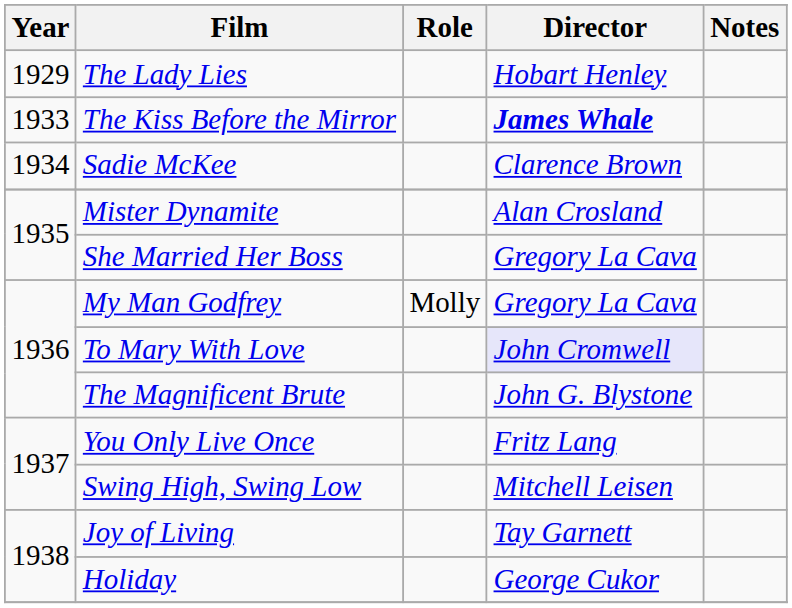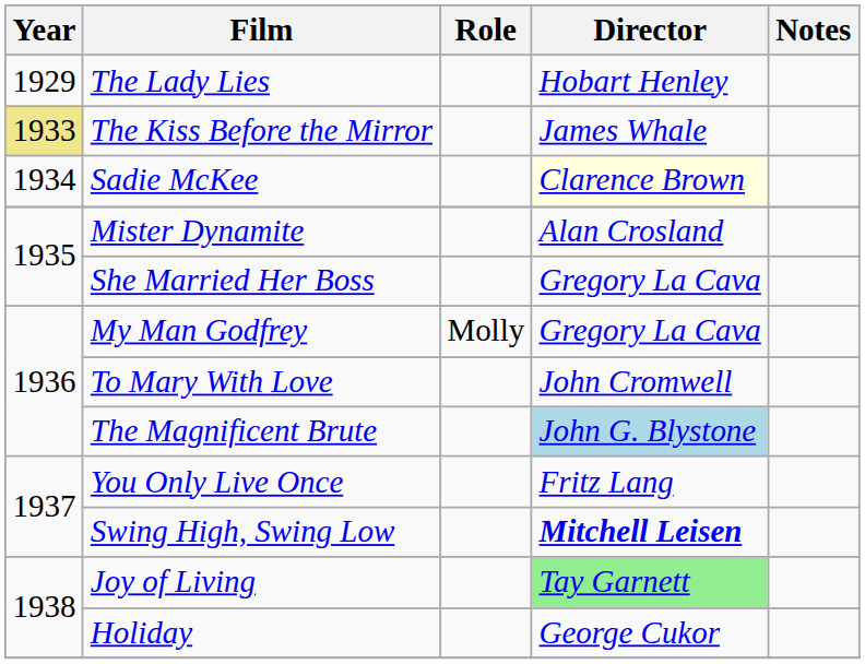 <table class="wikitable sortable">
 <tr>
 <th>Year</th>
 <th>Film</th>
 <th>Role</th>
 <th>Director</th>
 <th class="unsortable">Notes</th>
 </tr>
 <tr>
 <td>1929</td>
 <td><em><a href='#'>The Lady Lies</a></em></td>
 <td></td>
 <td><em><a href='#'>Hobart Henley</a></em></td>
 <td></td>
 </tr>
 <tr>
-<td>1933</td>
+<td style="background: khaki;">1933</td>
 <td><em><a href='#'>The Kiss Before the Mirror</a></em></td>
 <td></td>
-<td><strong><em><a href='#'>James Whale</a></em></strong></td>
+<td><em><a href='#'>James Whale</a></em></td>
 <td></td>
 </tr>
 <tr>
 <td>1934</td>
 <td><em><a href='#'>Sadie McKee</a></em></td>
 <td></td>
-<td><em><a href='#'>Clarence Brown</a></em></td>
+<td style="background: lightyellow;"><em><a href='#'>Clarence Brown</a></em></td>
 <td></td>
 </tr>
 <tr>
 </tr>
 <tr>
 <td rowspan="2">1935</td>
 <td><em><a href='#'>Mister Dynamite</a></em></td>
 <td></td>
 <td><em><a href='#'>Alan Crosland</a></em></td>
 <td></td>
 </tr>
 <tr>
 <td><em><a href='#'>She Married Her Boss</a></em></td>
 <td></td>
 <td><em><a href='#'>Gregory La Cava</a></em></td>
 <td></td>
 </tr>
 <tr>
 <td rowspan="3">1936</td>
 <td><em><a href='#'>My Man Godfrey</a></em></td>
 <td>Molly</td>
 <td><em><a href='#'>Gregory La Cava</a></em></td>
 <td></td>
 </tr>
 <tr>
 <td><em><a href='#'>To Mary With Love</a></em></td>
 <td></td>
-<td style="background: lavender;"><em><a href='#'>John Cromwell</a></em></td>
+<td><em><a href='#'>John Cromwell</a></em></td>
 <td></td>
 </tr>
 <tr>
 <td><em><a href='#'>The Magnificent Brute</a></em></td>
 <td></td>
-<td><em><a href='#'>John G. Blystone</a></em></td>
+<td style="background: lightblue;"><em><a href='#'>John G. Blystone</a></em></td>
 <td></td>
 </tr>
 <tr>
 <td rowspan="2">1937</td>
 <td><em><a href='#'>You Only Live Once</a></em></td>
 <td></td>
 <td><em><a href='#'>Fritz Lang</a></em></td>
 <td></td>
 </tr>
 <tr>
 <td><em><a href='#'>Swing High, Swing Low</a></em></td>
 <td></td>
-<td><em><a href='#'>Mitchell Leisen</a></em></td>
+<td><strong><em><a href='#'>Mitchell Leisen</a></em></strong></td>
 <td></td>
 </tr>
 <tr>
 <td rowspan="2">1938</td>
 <td><em><a href='#'>Joy of Living</a></em></td>
 <td></td>
-<td><em><a href='#'>Tay Garnett</a></em></td>
+<td style="background: lightgreen;"><em><a href='#'>Tay Garnett</a></em></td>
 <td></td>
 </tr>
 <tr>
 <td><em><a href='#'>Holiday</a></em></td>
 <td></td>
 <td><em><a href='#'>George Cukor</a></em></td>
 <td></td>
 </tr>
 <tr>
 </tr>
 </table>
